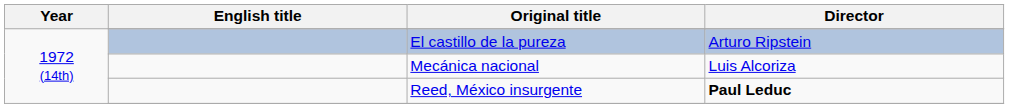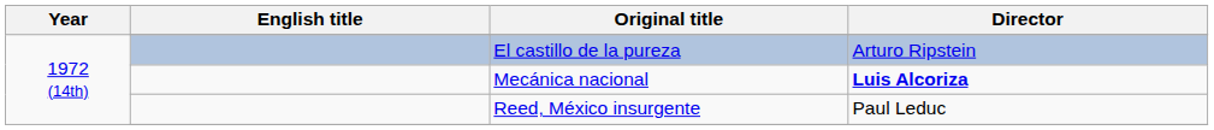 <table class="wikitable">
 <tr>
 <th width="100"><strong>Year</strong></th>
 <th width="300"><strong>English title</strong></th>
 <th width="300"><strong>Original title</strong></th>
 <th width="300"><strong>Director</strong></th>
 </tr>
 <tr>
 <td rowspan="6" style="text-align:center;"><a href='#'>1972</a><br><small><a href='#'>(14th)</a></small></td>
 </tr>
 <tr style="background:#B0C4DE;">
 <td></td>
 <td><a href='#'>El castillo de la pureza</a></td>
 <td><a href='#'>Arturo Ripstein</a></td>
 </tr>
 <tr>
 <td></td>
 <td><a href='#'>Mecánica nacional</a></td>
-<td><a href='#'>Luis Alcoriza</a></td>
+<td><strong><a href='#'>Luis Alcoriza</a></strong></td>
 </tr>
 <tr>
 <td></td>
 <td><a href='#'>Reed, México insurgente</a></td>
-<td><strong>Paul Leduc</strong></td>
+<td>Paul Leduc</td>
 </tr>
 <tr>
 </tr>
 </table>
